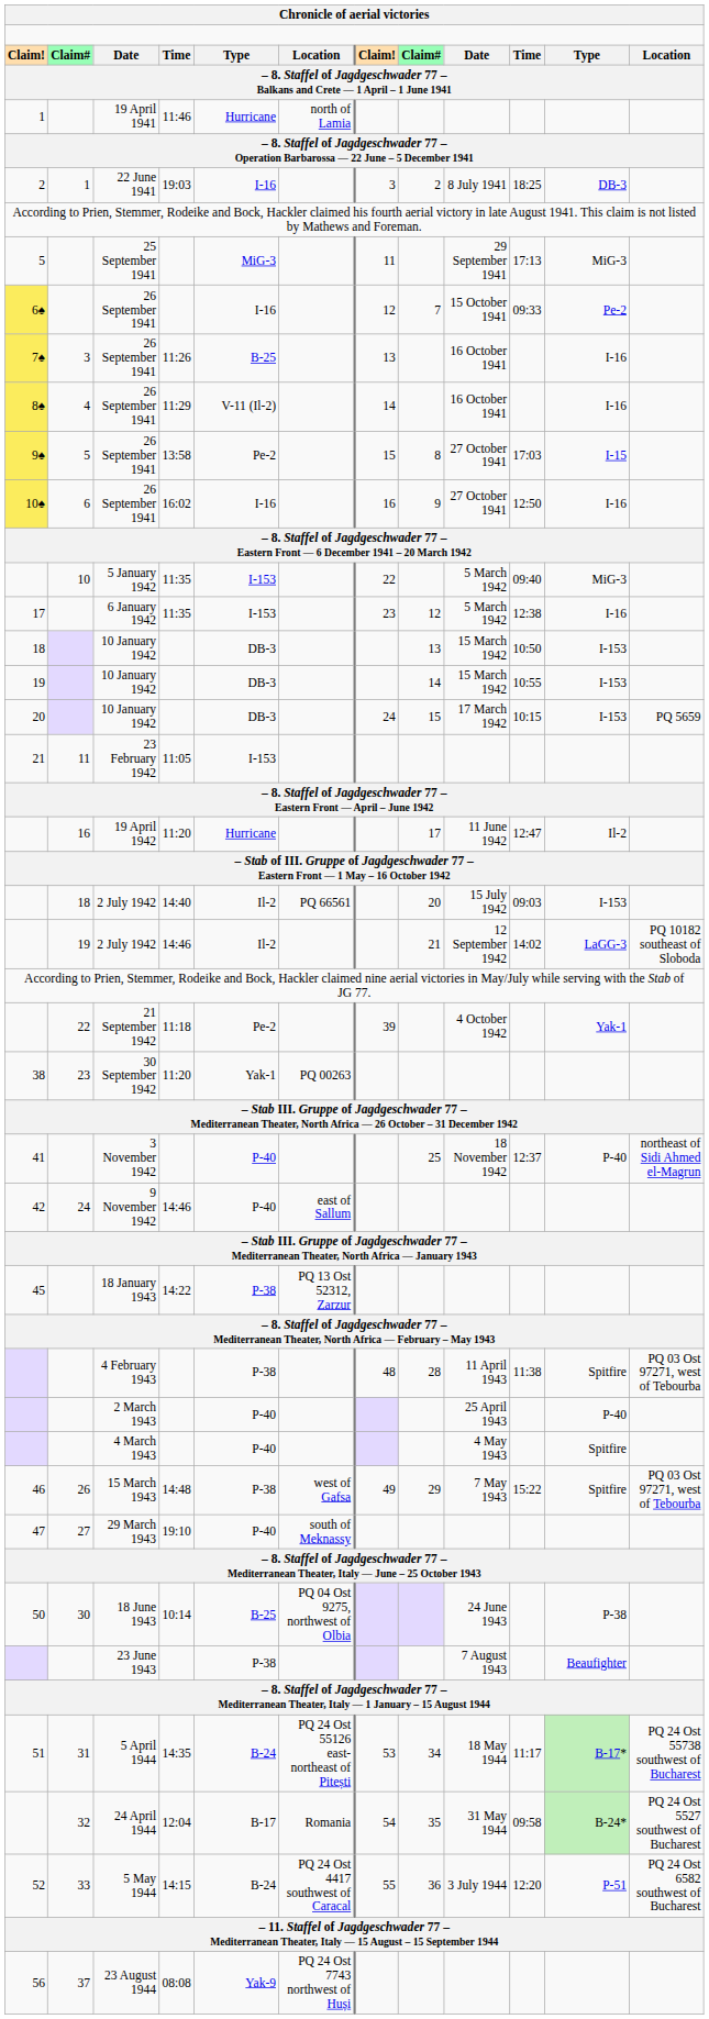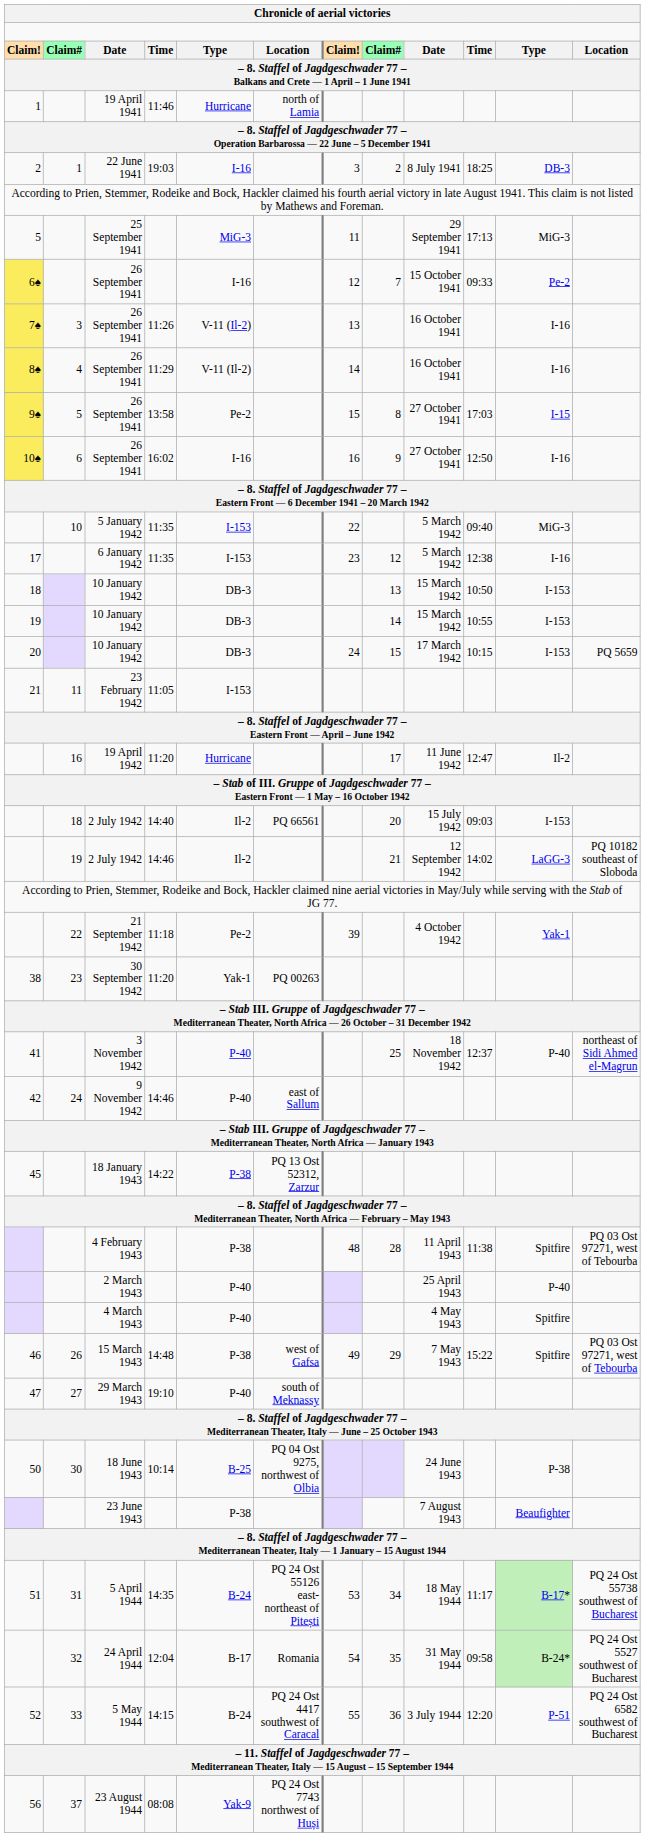 <table class="wikitable plainrowheaders collapsible" style="margin-left: auto; margin-right: auto; border: none; text-align:right; width: 100%;">
 <tr>
 <th colspan="12">Chronicle of aerial victories</th>
 </tr>
 <tr>
 <td colspan="12" style="text-align: left;"><br>    </td>
 </tr>
 <tr>
 <th scope="col" style="background:#ffdead">Claim!</th>
 <th scope="col" style="background:#97ffb6">Claim#</th>
 <th scope="col">Date</th>
 <th scope="col">Time</th>
 <th scope="col" width="100px">Type</th>
 <th scope="col">Location</th>
 <th scope="col" style="border-left: 3px solid grey; background:#ffdead">Claim!</th>
 <th scope="col" style="background:#97ffb6">Claim#</th>
 <th scope="col">Date</th>
 <th scope="col">Time</th>
 <th scope="col" width="100px">Type</th>
 <th scope="col">Location</th>
 </tr>
 <tr>
 <th colspan="12">– 8. <em>Staffel</em> of <em>Jagdgeschwader</em> 77 –<br><small>Balkans and Crete — 1 April – 1 June 1941</small></th>
 </tr>
 <tr>
 <td>1</td>
 <td></td>
 <td>19 April 1941</td>
 <td>11:46</td>
 <td><a href='#'>Hurricane</a></td>
 <td> north of <a href='#'>Lamia</a></td>
 <td style="border-left: 3px solid grey;"></td>
 <td></td>
 <td></td>
 <td></td>
 <td></td>
 <td></td>
 </tr>
 <tr>
 <th colspan="12">– 8. <em>Staffel</em> of <em>Jagdgeschwader</em> 77 –<br><small>Operation Barbarossa — 22 June – 5 December 1941</small></th>
 </tr>
 <tr>
 <td>2</td>
 <td>1</td>
 <td>22 June 1941</td>
 <td>19:03</td>
 <td><a href='#'>I-16</a></td>
 <td></td>
 <td style="border-left: 3px solid grey;">3</td>
 <td>2</td>
 <td>8 July 1941</td>
 <td>18:25</td>
 <td><a href='#'>DB-3</a></td>
 <td></td>
 </tr>
 <tr>
 <td colspan="12" style="text-align: center">According to Prien, Stemmer, Rodeike and Bock, Hackler claimed his fourth aerial victory in late August 1941. This claim is not listed by Mathews and Foreman.</td>
 </tr>
 <tr>
 <td>5</td>
 <td></td>
 <td>25 September 1941</td>
 <td></td>
 <td><a href='#'>MiG-3</a></td>
 <td></td>
 <td style="border-left: 3px solid grey;">11</td>
 <td></td>
 <td>29 September 1941</td>
 <td>17:13</td>
 <td>MiG-3</td>
 <td></td>
 </tr>
 <tr>
 <td style="background:#fbec5d;">6♠</td>
 <td></td>
 <td>26 September 1941</td>
 <td></td>
 <td>I-16</td>
 <td></td>
 <td style="border-left: 3px solid grey;">12</td>
 <td>7</td>
 <td>15 October 1941</td>
 <td>09:33</td>
 <td><a href='#'>Pe-2</a></td>
 <td></td>
 </tr>
 <tr>
 <td style="background:#fbec5d;">7♠</td>
 <td>3</td>
 <td>26 September 1941</td>
 <td>11:26</td>
-<td><a href='#'>B-25</a></td>
+<td>V-11 (<a href='#'>Il-2</a>)</td>
 <td></td>
 <td style="border-left: 3px solid grey;">13</td>
 <td></td>
 <td>16 October 1941</td>
 <td></td>
 <td>I-16</td>
 <td></td>
 </tr>
 <tr>
 <td style="background:#fbec5d;">8♠</td>
 <td>4</td>
 <td>26 September 1941</td>
 <td>11:29</td>
 <td>V-11 (Il-2)</td>
 <td></td>
 <td style="border-left: 3px solid grey;">14</td>
 <td></td>
 <td>16 October 1941</td>
 <td></td>
 <td>I-16</td>
 <td></td>
 </tr>
 <tr>
 <td style="background:#fbec5d;">9♠</td>
 <td>5</td>
 <td>26 September 1941</td>
 <td>13:58</td>
 <td>Pe-2</td>
 <td></td>
 <td style="border-left: 3px solid grey;">15</td>
 <td>8</td>
 <td>27 October 1941</td>
 <td>17:03</td>
 <td><a href='#'>I-15</a></td>
 <td></td>
 </tr>
 <tr>
 <td style="background:#fbec5d;">10♠</td>
 <td>6</td>
 <td>26 September 1941</td>
 <td>16:02</td>
 <td>I-16</td>
 <td></td>
 <td style="border-left: 3px solid grey;">16</td>
 <td>9</td>
 <td>27 October 1941</td>
 <td>12:50</td>
 <td>I-16</td>
 <td></td>
 </tr>
 <tr>
 <th colspan="12">– 8. <em>Staffel</em> of <em>Jagdgeschwader</em> 77 –<br><small>Eastern Front — 6 December 1941 – 20 March 1942</small></th>
 </tr>
 <tr>
 <td></td>
 <td>10</td>
 <td>5 January 1942</td>
 <td>11:35</td>
 <td><a href='#'>I-153</a></td>
 <td></td>
 <td style="border-left: 3px solid grey;">22</td>
 <td></td>
 <td>5 March 1942</td>
 <td>09:40</td>
 <td>MiG-3</td>
 <td></td>
 </tr>
 <tr>
 <td>17</td>
 <td></td>
 <td>6 January 1942</td>
 <td>11:35</td>
 <td>I-153</td>
 <td></td>
 <td style="border-left: 3px solid grey;">23</td>
 <td>12</td>
 <td>5 March 1942</td>
 <td>12:38</td>
 <td>I-16</td>
 <td></td>
 </tr>
 <tr>
 <td>18</td>
 <td style="background:#e3d9ff;"></td>
 <td>10 January 1942</td>
 <td></td>
 <td>DB-3</td>
 <td></td>
 <td style="border-left: 3px solid grey;"></td>
 <td>13</td>
 <td>15 March 1942</td>
 <td>10:50</td>
 <td>I-153</td>
 <td></td>
 </tr>
 <tr>
 <td>19</td>
 <td style="background:#e3d9ff;"></td>
 <td>10 January 1942</td>
 <td></td>
 <td>DB-3</td>
 <td></td>
 <td style="border-left: 3px solid grey;"></td>
 <td>14</td>
 <td>15 March 1942</td>
 <td>10:55</td>
 <td>I-153</td>
 <td></td>
 </tr>
 <tr>
 <td>20</td>
 <td style="background:#e3d9ff;"></td>
 <td>10 January 1942</td>
 <td></td>
 <td>DB-3</td>
 <td></td>
 <td style="border-left: 3px solid grey;">24</td>
 <td>15</td>
 <td>17 March 1942</td>
 <td>10:15</td>
 <td>I-153</td>
 <td>PQ 5659</td>
 </tr>
 <tr>
 <td>21</td>
 <td>11</td>
 <td>23 February 1942</td>
 <td>11:05</td>
 <td>I-153</td>
 <td></td>
 <td style="border-left: 3px solid grey;"></td>
 <td></td>
 <td></td>
 <td></td>
 <td></td>
 <td></td>
 </tr>
 <tr>
 <th colspan="12">– 8. <em>Staffel</em> of <em>Jagdgeschwader</em> 77 –<br><small>Eastern Front — April – June 1942</small></th>
 </tr>
 <tr>
 <td></td>
 <td>16</td>
 <td>19 April 1942</td>
 <td>11:20</td>
 <td><a href='#'>Hurricane</a></td>
 <td></td>
 <td style="border-left: 3px solid grey;"></td>
 <td>17</td>
 <td>11 June 1942</td>
 <td>12:47</td>
 <td>Il-2</td>
 <td></td>
 </tr>
 <tr>
 <th colspan="12">– <em>Stab</em> of III. <em>Gruppe</em> of <em>Jagdgeschwader</em> 77 –<br><small>Eastern Front — 1 May – 16 October 1942</small></th>
 </tr>
 <tr>
 <td></td>
 <td>18</td>
 <td>2 July 1942</td>
 <td>14:40</td>
 <td>Il-2</td>
 <td>PQ 66561</td>
 <td style="border-left: 3px solid grey;"></td>
 <td>20</td>
 <td>15 July 1942</td>
 <td>09:03</td>
 <td>I-153</td>
 <td></td>
 </tr>
 <tr>
 <td></td>
 <td>19</td>
 <td>2 July 1942</td>
 <td>14:46</td>
 <td>Il-2</td>
 <td></td>
 <td style="border-left: 3px solid grey;"></td>
 <td>21</td>
 <td>12 September 1942</td>
 <td>14:02</td>
 <td><a href='#'>LaGG-3</a></td>
 <td>PQ 10182<br> southeast of Sloboda</td>
 </tr>
 <tr>
 <td colspan="12" style="text-align: center">According to Prien, Stemmer, Rodeike and Bock, Hackler claimed nine aerial victories in May/July while serving with the <em>Stab</em> of JG 77.</td>
 </tr>
 <tr>
 <td></td>
 <td>22</td>
 <td>21 September 1942</td>
 <td>11:18</td>
 <td>Pe-2</td>
 <td></td>
 <td style="border-left: 3px solid grey;">39</td>
 <td></td>
 <td>4 October 1942</td>
 <td></td>
 <td><a href='#'>Yak-1</a></td>
 <td></td>
 </tr>
 <tr>
 <td>38</td>
 <td>23</td>
 <td>30 September 1942</td>
 <td>11:20</td>
 <td>Yak-1</td>
 <td>PQ 00263</td>
 <td style="border-left: 3px solid grey;"></td>
 <td></td>
 <td></td>
 <td></td>
 <td></td>
 <td></td>
 </tr>
 <tr>
 <th colspan="12">– <em>Stab</em> III. <em>Gruppe</em> of <em>Jagdgeschwader</em> 77 –<br><small>Mediterranean Theater, North Africa — 26 October – 31 December 1942</small></th>
 </tr>
 <tr>
 <td>41</td>
 <td></td>
 <td>3 November 1942</td>
 <td></td>
 <td><a href='#'>P-40</a></td>
 <td></td>
 <td style="border-left: 3px solid grey;"></td>
 <td>25</td>
 <td>18 November 1942</td>
 <td>12:37</td>
 <td>P-40</td>
 <td> northeast of <a href='#'>Sidi Ahmed el-Magrun</a></td>
 </tr>
 <tr>
 <td>42</td>
 <td>24</td>
 <td>9 November 1942</td>
 <td>14:46</td>
 <td>P-40</td>
 <td> east of <a href='#'>Sallum</a></td>
 <td style="border-left: 3px solid grey;"></td>
 <td></td>
 <td></td>
 <td></td>
 <td></td>
 <td></td>
 </tr>
 <tr>
 <th colspan="12">– <em>Stab</em> III. <em>Gruppe</em> of <em>Jagdgeschwader</em> 77 –<br><small>Mediterranean Theater, North Africa — January 1943</small></th>
 </tr>
 <tr>
 <td>45</td>
 <td></td>
 <td>18 January 1943</td>
 <td>14:22</td>
 <td><a href='#'>P-38</a></td>
 <td>PQ 13 Ost 52312, <a href='#'>Zarzur</a></td>
 <td style="border-left: 3px solid grey;"></td>
 <td></td>
 <td></td>
 <td></td>
 <td></td>
 <td></td>
 </tr>
 <tr>
 <th colspan="12">– 8. <em>Staffel</em> of <em>Jagdgeschwader</em> 77 –<br><small>Mediterranean Theater, North Africa — February – May 1943</small></th>
 </tr>
 <tr>
 <td style="background:#e3d9ff;"></td>
 <td></td>
 <td>4 February 1943</td>
 <td></td>
 <td>P-38</td>
 <td></td>
 <td style="border-left: 3px solid grey;">48</td>
 <td>28</td>
 <td>11 April 1943</td>
 <td>11:38</td>
 <td>Spitfire</td>
 <td>PQ 03 Ost 97271, west of Tebourba</td>
 </tr>
 <tr>
 <td style="background:#e3d9ff;"></td>
 <td></td>
 <td>2 March 1943</td>
 <td></td>
 <td>P-40</td>
 <td></td>
 <td style="border-left: 3px solid grey; background:#e3d9ff;"></td>
 <td></td>
 <td>25 April 1943</td>
 <td></td>
 <td>P-40</td>
 <td></td>
 </tr>
 <tr>
 <td style="background:#e3d9ff;"></td>
 <td></td>
 <td>4 March 1943</td>
 <td></td>
 <td>P-40</td>
 <td></td>
 <td style="border-left: 3px solid grey; background:#e3d9ff;"></td>
 <td></td>
 <td>4 May 1943</td>
 <td></td>
 <td>Spitfire</td>
 <td></td>
 </tr>
 <tr>
 <td>46</td>
 <td>26</td>
 <td>15 March 1943</td>
 <td>14:48</td>
 <td>P-38</td>
 <td> west of <a href='#'>Gafsa</a></td>
 <td style="border-left: 3px solid grey;">49</td>
 <td>29</td>
 <td>7 May 1943</td>
 <td>15:22</td>
 <td>Spitfire</td>
 <td>PQ 03 Ost 97271, west of <a href='#'>Tebourba</a></td>
 </tr>
 <tr>
 <td>47</td>
 <td>27</td>
 <td>29 March 1943</td>
 <td>19:10</td>
 <td>P-40</td>
 <td> south of <a href='#'>Meknassy</a></td>
 <td style="border-left: 3px solid grey;"></td>
 <td></td>
 <td></td>
 <td></td>
 <td></td>
 <td></td>
 </tr>
 <tr>
 <th colspan="12">– 8. <em>Staffel</em> of <em>Jagdgeschwader</em> 77 –<br><small>Mediterranean Theater, Italy — June – 25 October 1943</small></th>
 </tr>
 <tr>
 <td>50</td>
 <td>30</td>
 <td>18 June 1943</td>
 <td>10:14</td>
 <td><a href='#'>B-25</a></td>
 <td>PQ 04 Ost 9275, northwest of <a href='#'>Olbia</a></td>
 <td style="border-left: 3px solid grey; background:#e3d9ff;"></td>
 <td style="background:#e3d9ff;"></td>
 <td>24 June 1943</td>
 <td></td>
 <td>P-38</td>
 <td></td>
 </tr>
 <tr>
 <td style="background:#e3d9ff;"></td>
 <td></td>
 <td>23 June 1943</td>
 <td></td>
 <td>P-38</td>
 <td></td>
 <td style="border-left: 3px solid grey; background:#e3d9ff;"></td>
 <td></td>
 <td>7 August 1943</td>
 <td></td>
 <td><a href='#'>Beaufighter</a></td>
 <td></td>
 </tr>
 <tr>
 <th colspan="12">– 8. <em>Staffel</em> of <em>Jagdgeschwader</em> 77 –<br><small>Mediterranean Theater, Italy — 1 January – 15 August 1944</small></th>
 </tr>
 <tr>
 <td>51</td>
 <td>31</td>
 <td>5 April 1944</td>
 <td>14:35</td>
 <td><a href='#'>B-24</a></td>
 <td>PQ 24 Ost 55126<br> east-northeast of <a href='#'>Pitești</a></td>
 <td style="border-left: 3px solid grey;">53</td>
 <td>34</td>
 <td>18 May 1944</td>
 <td>11:17</td>
 <td style="background:#C0EFBA"><a href='#'>B-17</a>*</td>
 <td>PQ 24 Ost 55738<br> southwest of <a href='#'>Bucharest</a></td>
 </tr>
 <tr>
 <td></td>
 <td>32</td>
 <td>24 April 1944</td>
 <td>12:04</td>
 <td>B-17</td>
 <td>Romania</td>
 <td style="border-left: 3px solid grey;">54</td>
 <td>35</td>
 <td>31 May 1944</td>
 <td>09:58</td>
 <td style="background:#C0EFBA">B-24*</td>
 <td>PQ 24 Ost 5527<br> southwest of Bucharest</td>
 </tr>
 <tr>
 <td>52</td>
 <td>33</td>
 <td>5 May 1944</td>
 <td>14:15</td>
 <td>B-24</td>
 <td>PQ 24 Ost 4417<br> southwest of <a href='#'>Caracal</a></td>
 <td style="border-left: 3px solid grey;">55</td>
 <td>36</td>
 <td>3 July 1944</td>
 <td>12:20</td>
 <td><a href='#'>P-51</a></td>
 <td>PQ 24 Ost 6582<br> southwest of Bucharest</td>
 </tr>
 <tr>
 <th colspan="12">– 11. <em>Staffel</em> of <em>Jagdgeschwader</em> 77 –<br><small>Mediterranean Theater, Italy — 15 August – 15 September 1944</small></th>
 </tr>
 <tr>
 <td>56</td>
 <td>37</td>
 <td>23 August 1944</td>
 <td>08:08</td>
 <td><a href='#'>Yak-9</a></td>
 <td>PQ 24 Ost 7743<br> northwest of <a href='#'>Huși</a></td>
 <td style="border-left: 3px solid grey;"></td>
 <td></td>
 <td></td>
 <td></td>
 <td></td>
 <td></td>
 </tr>
 </table>
